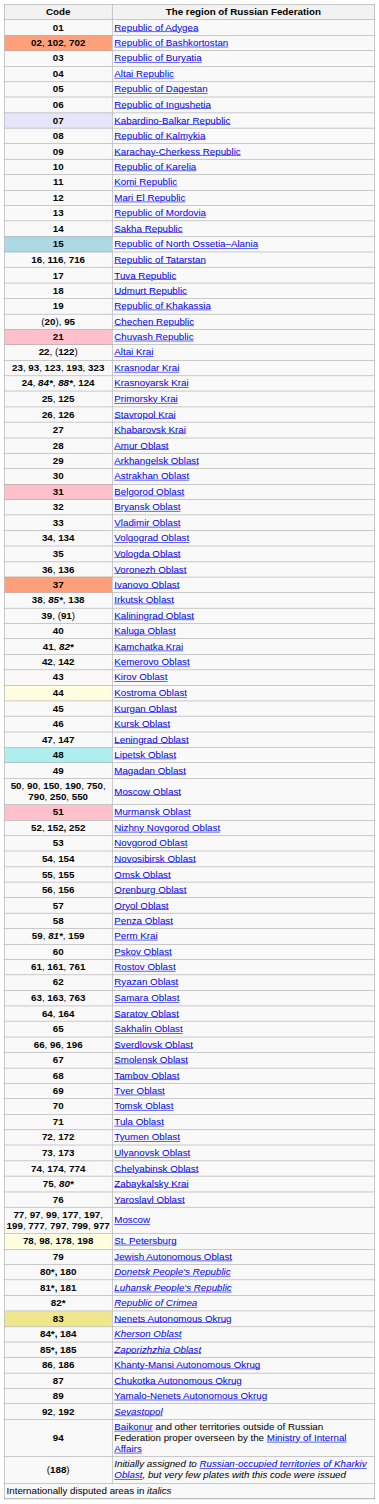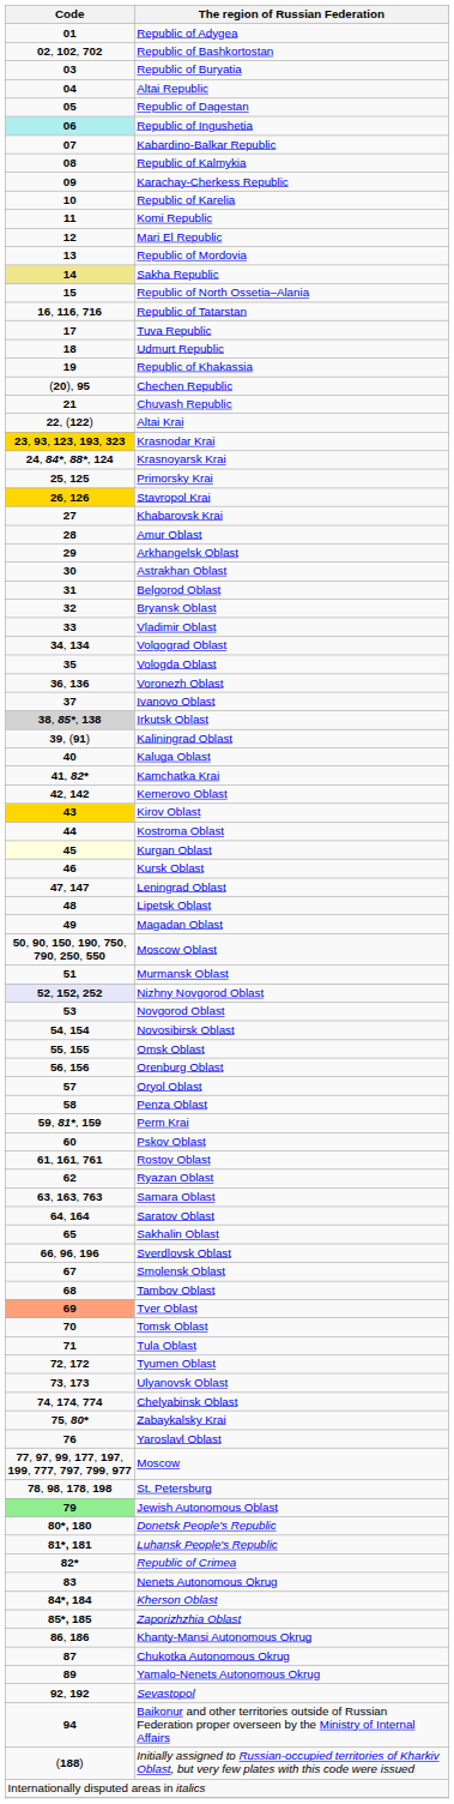 <table class=wikitable>
 <tr>
 <th align=center><strong>Code</strong></th>
 <th><strong>The region of Russian Federation</strong></th>
 </tr>
 <tr>
 <td align=center><strong>01</strong></td>
 <td><a href='#'>Republic of Adygea</a></td>
 </tr>
 <tr>
-<td align=center style="background: lightsalmon;"><strong>02</strong>, <strong>102</strong>, <strong>702</strong></td>
+<td align=center><strong>02</strong>, <strong>102</strong>, <strong>702</strong></td>
 <td><a href='#'>Republic of Bashkortostan</a></td>
 </tr>
 <tr>
 <td align=center><strong>03</strong></td>
 <td><a href='#'>Republic of Buryatia</a></td>
 </tr>
 <tr>
 <td align=center><strong>04</strong></td>
 <td><a href='#'>Altai Republic</a></td>
 </tr>
 <tr>
 <td align=center><strong>05</strong></td>
 <td><a href='#'>Republic of Dagestan</a></td>
 </tr>
 <tr>
-<td align=center><strong>06</strong></td>
+<td align=center style="background: paleturquoise;"><strong>06</strong></td>
 <td><a href='#'>Republic of Ingushetia</a></td>
 </tr>
 <tr>
-<td align=center style="background: lavender;"><strong>07</strong></td>
+<td align=center><strong>07</strong></td>
 <td><a href='#'>Kabardino-Balkar Republic</a></td>
 </tr>
 <tr>
 <td align=center><strong>08</strong></td>
 <td><a href='#'>Republic of Kalmykia</a></td>
 </tr>
 <tr>
 <td align=center><strong>09</strong></td>
 <td><a href='#'>Karachay-Cherkess Republic</a></td>
 </tr>
 <tr>
 <td align=center><strong>10</strong></td>
 <td><a href='#'>Republic of Karelia</a></td>
 </tr>
 <tr>
 <td align=center><strong>11</strong></td>
 <td><a href='#'>Komi Republic</a></td>
 </tr>
 <tr>
 <td align=center><strong>12</strong></td>
 <td><a href='#'>Mari El Republic</a></td>
 </tr>
 <tr>
 <td align=center><strong>13</strong></td>
 <td><a href='#'>Republic of Mordovia</a></td>
 </tr>
 <tr>
-<td align=center><strong>14</strong></td>
+<td align=center style="background: khaki;"><strong>14</strong></td>
 <td><a href='#'>Sakha Republic</a></td>
 </tr>
 <tr>
-<td align=center style="background: lightblue;"><strong>15</strong></td>
+<td align=center><strong>15</strong></td>
 <td><a href='#'>Republic of North Ossetia–Alania</a></td>
 </tr>
 <tr>
 <td align=center><strong>16</strong>, <strong>116</strong>, <strong>716</strong></td>
 <td><a href='#'>Republic of Tatarstan</a></td>
 </tr>
 <tr>
 <td align=center><strong>17</strong></td>
 <td><a href='#'>Tuva Republic</a></td>
 </tr>
 <tr>
 <td align=center><strong>18</strong></td>
 <td><a href='#'>Udmurt Republic</a></td>
 </tr>
 <tr>
 <td align=center><strong>19</strong></td>
 <td><a href='#'>Republic of Khakassia</a></td>
 </tr>
 <tr>
 <td align=center>(<strong>20</strong>), <strong>95</strong></td>
 <td><a href='#'>Chechen Republic</a></td>
 </tr>
 <tr>
-<td align=center style="background: pink;"><strong>21</strong></td>
+<td align=center><strong>21</strong></td>
 <td><a href='#'>Chuvash Republic</a></td>
 </tr>
 <tr>
 <td align=center><strong>22</strong>, (<strong>122</strong>)</td>
 <td><a href='#'>Altai Krai</a></td>
 </tr>
 <tr>
-<td align=center><strong>23</strong>, <strong>93</strong>, <strong>123</strong>, <strong>193</strong>, <strong>323</strong></td>
+<td align=center style="background: gold;"><strong>23</strong>, <strong>93</strong>, <strong>123</strong>, <strong>193</strong>, <strong>323</strong></td>
 <td><a href='#'>Krasnodar Krai</a></td>
 </tr>
 <tr>
 <td align=center><strong>24</strong>, <strong><em>84*</em></strong>, <strong><em>88*</em></strong>, <strong>124</strong></td>
 <td><a href='#'>Krasnoyarsk Krai</a></td>
 </tr>
 <tr>
 <td align=center><strong>25</strong>, <strong>125</strong></td>
 <td><a href='#'>Primorsky Krai</a></td>
 </tr>
 <tr>
-<td align=center><strong>26</strong>, <strong>126</strong></td>
+<td align=center style="background: gold;"><strong>26</strong>, <strong>126</strong></td>
 <td><a href='#'>Stavropol Krai</a></td>
 </tr>
 <tr>
 <td align=center><strong>27</strong></td>
 <td><a href='#'>Khabarovsk Krai</a></td>
 </tr>
 <tr>
 <td align=center><strong>28</strong></td>
 <td><a href='#'>Amur Oblast</a></td>
 </tr>
 <tr>
 <td align=center><strong>29</strong></td>
 <td><a href='#'>Arkhangelsk Oblast</a></td>
 </tr>
 <tr>
 <td align=center><strong>30</strong></td>
 <td><a href='#'>Astrakhan Oblast</a></td>
 </tr>
 <tr>
-<td align=center style="background: pink;"><strong>31</strong></td>
+<td align=center><strong>31</strong></td>
 <td><a href='#'>Belgorod Oblast</a></td>
 </tr>
 <tr>
 <td align=center><strong>32</strong></td>
 <td><a href='#'>Bryansk Oblast</a></td>
 </tr>
 <tr>
 <td align=center><strong>33</strong></td>
 <td><a href='#'>Vladimir Oblast</a></td>
 </tr>
 <tr>
 <td align=center><strong>34</strong>, <strong>134</strong></td>
 <td><a href='#'>Volgograd Oblast</a></td>
 </tr>
 <tr>
 <td align=center><strong>35</strong></td>
 <td><a href='#'>Vologda Oblast</a></td>
 </tr>
 <tr>
 <td align=center><strong>36</strong>, <strong>136</strong></td>
 <td><a href='#'>Voronezh Oblast</a></td>
 </tr>
 <tr>
-<td align=center style="background: lightsalmon;"><strong>37</strong></td>
+<td align=center><strong>37</strong></td>
 <td><a href='#'>Ivanovo Oblast</a></td>
 </tr>
 <tr>
-<td align=center><strong>38</strong>, <strong><em>85*</em></strong>, <strong>138</strong></td>
+<td align=center style="background: lightgrey;"><strong>38</strong>, <strong><em>85*</em></strong>, <strong>138</strong></td>
 <td><a href='#'>Irkutsk Oblast</a></td>
 </tr>
 <tr>
 <td align=center><strong>39</strong>, (<strong>91</strong>)</td>
 <td><a href='#'>Kaliningrad Oblast</a></td>
 </tr>
 <tr>
 <td align=center><strong>40</strong></td>
 <td><a href='#'>Kaluga Oblast</a></td>
 </tr>
 <tr>
 <td align=center><strong>41</strong>, <strong><em>82*</em></strong></td>
 <td><a href='#'>Kamchatka Krai</a></td>
 </tr>
 <tr>
 <td align=center><strong>42</strong>, <strong>142</strong></td>
 <td><a href='#'>Kemerovo Oblast</a></td>
 </tr>
 <tr>
-<td align=center><strong>43</strong></td>
+<td align=center style="background: gold;"><strong>43</strong></td>
 <td><a href='#'>Kirov Oblast</a></td>
 </tr>
 <tr>
-<td align=center style="background: lightyellow;"><strong>44</strong></td>
+<td align=center><strong>44</strong></td>
 <td><a href='#'>Kostroma Oblast</a></td>
 </tr>
 <tr>
-<td align=center><strong>45</strong></td>
+<td align=center style="background: lightyellow;"><strong>45</strong></td>
 <td><a href='#'>Kurgan Oblast</a></td>
 </tr>
 <tr>
 <td align=center><strong>46</strong></td>
 <td><a href='#'>Kursk Oblast</a></td>
 </tr>
 <tr>
 <td align=center><strong>47</strong>, <strong>147</strong></td>
 <td><a href='#'>Leningrad Oblast</a></td>
 </tr>
 <tr>
-<td align=center style="background: paleturquoise;"><strong>48</strong></td>
+<td align=center><strong>48</strong></td>
 <td><a href='#'>Lipetsk Oblast</a></td>
 </tr>
 <tr>
 <td align=center><strong>49</strong></td>
 <td><a href='#'>Magadan Oblast</a></td>
 </tr>
 <tr>
 <td align=center><strong>50</strong>, <strong>90</strong>, <strong>150</strong>, <strong>190</strong>, <strong>750</strong>, <strong>790</strong>, <strong>250</strong>, <strong>550</strong></td>
 <td><a href='#'>Moscow Oblast</a></td>
 </tr>
 <tr>
-<td align=center style="background: pink;"><strong>51</strong></td>
+<td align=center><strong>51</strong></td>
 <td><a href='#'>Murmansk Oblast</a></td>
 </tr>
 <tr>
-<td align=center><strong>52</strong>, <strong>152, 252</strong></td>
+<td align=center style="background: lavender;"><strong>52</strong>, <strong>152, 252</strong></td>
 <td><a href='#'>Nizhny Novgorod Oblast</a></td>
 </tr>
 <tr>
 <td align=center><strong>53</strong></td>
 <td><a href='#'>Novgorod Oblast</a></td>
 </tr>
 <tr>
 <td align=center><strong>54</strong>, <strong>154</strong></td>
 <td><a href='#'>Novosibirsk Oblast</a></td>
 </tr>
 <tr>
 <td align=center><strong>55</strong>, <strong>155</strong></td>
 <td><a href='#'>Omsk Oblast</a></td>
 </tr>
 <tr>
 <td align=center><strong>56</strong>, <strong>156</strong></td>
 <td><a href='#'>Orenburg Oblast</a></td>
 </tr>
 <tr>
 <td align=center><strong>57</strong></td>
 <td><a href='#'>Oryol Oblast</a></td>
 </tr>
 <tr>
 <td align=center><strong>58</strong></td>
 <td><a href='#'>Penza Oblast</a></td>
 </tr>
 <tr>
 <td align=center><strong>59</strong>,  <strong><em>81*</em></strong>, <strong>159</strong></td>
 <td><a href='#'>Perm Krai</a></td>
 </tr>
 <tr>
 <td align=center><strong>60</strong></td>
 <td><a href='#'>Pskov Oblast</a></td>
 </tr>
 <tr>
 <td align=center><strong>61</strong>, <strong>161</strong>, <strong>761</strong></td>
 <td><a href='#'>Rostov Oblast</a></td>
 </tr>
 <tr>
 <td align=center><strong>62</strong></td>
 <td><a href='#'>Ryazan Oblast</a></td>
 </tr>
 <tr>
 <td align=center><strong>63</strong>, <strong>163</strong>, <strong>763</strong></td>
 <td><a href='#'>Samara Oblast</a></td>
 </tr>
 <tr>
 <td align=center><strong>64</strong>, <strong>164</strong></td>
 <td><a href='#'>Saratov Oblast</a></td>
 </tr>
 <tr>
 <td align=center><strong>65</strong></td>
 <td><a href='#'>Sakhalin Oblast</a></td>
 </tr>
 <tr>
 <td align=center><strong>66</strong>, <strong>96</strong>, <strong>196</strong></td>
 <td><a href='#'>Sverdlovsk Oblast</a></td>
 </tr>
 <tr>
 <td align=center><strong>67</strong></td>
 <td><a href='#'>Smolensk Oblast</a></td>
 </tr>
 <tr>
 <td align=center><strong>68</strong></td>
 <td><a href='#'>Tambov Oblast</a></td>
 </tr>
 <tr>
-<td align=center><strong>69</strong></td>
+<td align=center style="background: lightsalmon;"><strong>69</strong></td>
 <td><a href='#'>Tver Oblast</a></td>
 </tr>
 <tr>
 <td align=center><strong>70</strong></td>
 <td><a href='#'>Tomsk Oblast</a></td>
 </tr>
 <tr>
 <td align=center><strong>71</strong></td>
 <td><a href='#'>Tula Oblast</a></td>
 </tr>
 <tr>
 <td align=center><strong>72</strong>, <strong>172</strong></td>
 <td><a href='#'>Tyumen Oblast</a></td>
 </tr>
 <tr>
 <td align=center><strong>73</strong>, <strong>173</strong></td>
 <td><a href='#'>Ulyanovsk Oblast</a></td>
 </tr>
 <tr>
 <td align=center><strong>74</strong>, <strong>174</strong>, <strong>774</strong></td>
 <td><a href='#'>Chelyabinsk Oblast</a></td>
 </tr>
 <tr>
 <td align=center><strong>75</strong>, <strong><em>80*</em></strong></td>
 <td><a href='#'>Zabaykalsky Krai</a></td>
 </tr>
 <tr>
 <td align=center><strong>76</strong></td>
 <td><a href='#'>Yaroslavl Oblast</a></td>
 </tr>
 <tr>
 <td align=center><strong>77</strong>, <strong>97</strong>, <strong>99</strong>, <strong>177</strong>, <strong>197</strong>, <strong>199</strong>, <strong>777</strong>, <strong>797</strong>, <strong>799</strong>, <strong>977</strong></td>
 <td><a href='#'>Moscow</a></td>
 </tr>
 <tr>
-<td align=center style="background: lightyellow;"><strong>78</strong>, <strong>98</strong>, <strong>178</strong>, <strong>198</strong></td>
+<td align=center><strong>78</strong>, <strong>98</strong>, <strong>178</strong>, <strong>198</strong></td>
 <td><a href='#'>St. Petersburg</a></td>
 </tr>
 <tr>
-<td align=center><strong>79</strong></td>
+<td align=center style="background: lightgreen;"><strong>79</strong></td>
 <td><a href='#'>Jewish Autonomous Oblast</a></td>
 </tr>
 <tr>
 <td align=center><strong>80*, 180</strong></td>
 <td><em><a href='#'>Donetsk People's Republic</a></em></td>
 </tr>
 <tr>
 <td align=center><strong>81*, 181</strong></td>
 <td><em><a href='#'>Luhansk People's Republic</a></em></td>
 </tr>
 <tr>
 <td align=center><strong>82*</strong></td>
 <td><em><a href='#'>Republic of Crimea</a></em></td>
 </tr>
 <tr>
-<td align=center style="background: khaki;"><strong>83</strong></td>
+<td align=center><strong>83</strong></td>
 <td><a href='#'>Nenets Autonomous Okrug</a></td>
 </tr>
 <tr>
 <td align=center><strong>84*, 184</strong></td>
 <td><em><a href='#'>Kherson Oblast</a></em></td>
 </tr>
 <tr>
 <td align=center><strong>85*, 185</strong></td>
 <td><em><a href='#'>Zaporizhzhia Oblast</a></em></td>
 </tr>
 <tr>
 <td align=center><strong>86</strong>, <strong>186</strong></td>
 <td><a href='#'>Khanty-Mansi Autonomous Okrug</a></td>
 </tr>
 <tr>
 <td align=center><strong>87</strong></td>
 <td><a href='#'>Chukotka Autonomous Okrug</a></td>
 </tr>
 <tr>
 <td align=center><strong>89</strong></td>
 <td><a href='#'>Yamalo-Nenets Autonomous Okrug</a></td>
 </tr>
 <tr>
 <td align=center><strong>92</strong>, <strong>192</strong></td>
 <td><em><a href='#'>Sevastopol</a></em></td>
 </tr>
 <tr>
 <td align=center><strong>94</strong></td>
 <td><a href='#'>Baikonur</a> and other territories outside of Russian Federation proper overseen by the <a href='#'>Ministry of Internal Affairs</a></td>
 </tr>
 <tr>
 <td align=center>(<strong>188</strong>)</td>
 <td><em>Initially assigned to <a href='#'>Russian-occupied territories of Kharkiv Oblast</a>, but very few plates with this code were issued</em></td>
 </tr>
 <tr>
 <td colspan="2">Internationally disputed areas in <em>italics</em></td>
 </tr>
 <tr>
 </tr>
 </table>
